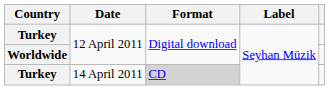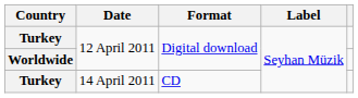 <table class="wikitable plainrowheaders">
 <tr>
 <th scope="col">Country</th>
 <th scope="col">Date</th>
 <th scope="col">Format</th>
 <th scope="col">Label</th>
 <th scope="col"></th>
 </tr>
 <tr>
 <th scope="row">Turkey</th>
 <td rowspan="2">12 April 2011</td>
 <td rowspan="2"><a href='#'>Digital download</a></td>
 <td rowspan="3"><a href='#'>Seyhan Müzik</a></td>
 <td align="center"></td>
 </tr>
 <tr>
 <th scope="row">Worldwide</th>
 <td align="center"></td>
 </tr>
 <tr>
 <th scope="row">Turkey</th>
 <td>14 April 2011</td>
-<td style="background: lightgrey;"><a href='#'>CD</a></td>
+<td><a href='#'>CD</a></td>
 <td align="center"></td>
 </tr>
 </table>
